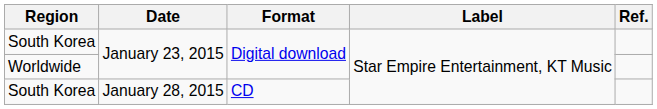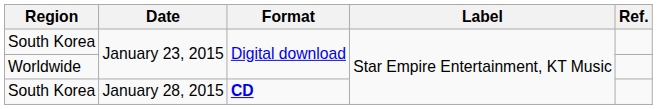 <table class="wikitable">
 <tr>
 <th>Region</th>
 <th>Date</th>
 <th>Format</th>
 <th>Label</th>
 <th>Ref.</th>
 </tr>
 <tr>
 <td>South Korea</td>
 <td rowspan="2">January 23, 2015</td>
 <td rowspan="2"><a href='#'>Digital download</a></td>
 <td rowspan="3">Star Empire Entertainment, KT Music</td>
 <td></td>
 </tr>
 <tr>
 <td>Worldwide</td>
 <td></td>
 </tr>
 <tr>
 <td>South Korea</td>
 <td rowspan="1">January 28, 2015</td>
-<td><a href='#'>CD</a></td>
+<td><strong><a href='#'>CD</a></strong></td>
 <td></td>
 </tr>
 </table>
